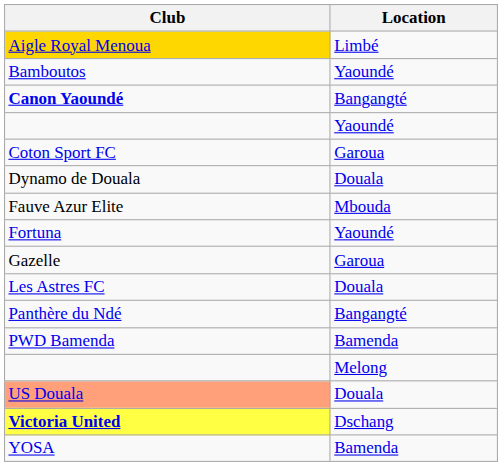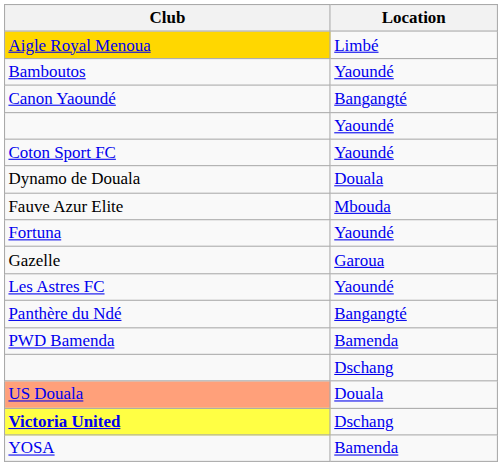 <table class="wikitable sortable">
 <tr>
 <th width="300px" scope="col">Club</th>
 <th width="150px" scope="col">Location</th>
 </tr>
 <tr>
 <td style="background: gold;"><a href='#'>Aigle Royal Menoua</a></td>
 <td><a href='#'>Limbé</a></td>
 </tr>
 <tr>
 <td><a href='#'>Bamboutos</a></td>
 <td><a href='#'>Yaoundé</a></td>
 </tr>
 <tr>
-<td><strong><a href='#'>Canon Yaoundé</a></strong></td>
+<td><a href='#'>Canon Yaoundé</a></td>
 <td><a href='#'>Bangangté</a></td>
 </tr>
 <tr>
 <td></td>
 <td><a href='#'>Yaoundé</a></td>
 </tr>
 <tr>
 <td><a href='#'>Coton Sport FC</a></td>
-<td><a href='#'>Garoua</a></td>
+<td><a href='#'>Yaoundé</a></td>
 </tr>
 <tr>
 <td>Dynamo de Douala</td>
 <td><a href='#'>Douala</a></td>
 </tr>
 <tr>
 <td>Fauve Azur Elite</td>
 <td><a href='#'>Mbouda</a></td>
 </tr>
 <tr>
 <td><a href='#'>Fortuna</a></td>
 <td><a href='#'>Yaoundé</a></td>
 </tr>
 <tr>
 <td>Gazelle</td>
 <td><a href='#'>Garoua</a></td>
 </tr>
 <tr>
 <td><a href='#'>Les Astres FC</a></td>
-<td><a href='#'>Douala</a></td>
+<td><a href='#'>Yaoundé</a></td>
 </tr>
 <tr>
 <td><a href='#'>Panthère du Ndé</a></td>
 <td><a href='#'>Bangangté</a></td>
 </tr>
 <tr>
 <td><a href='#'>PWD Bamenda</a></td>
 <td><a href='#'>Bamenda</a></td>
 </tr>
 <tr>
 <td></td>
-<td><a href='#'>Melong</a></td>
+<td><a href='#'>Dschang</a></td>
 </tr>
 <tr>
 <td style="background: lightsalmon;"><a href='#'>US Douala</a></td>
 <td><a href='#'>Douala</a></td>
 </tr>
 <tr>
 <td bgcolor=#ffff44><strong><a href='#'>Victoria United</a></strong></td>
 <td><a href='#'>Dschang</a></td>
 </tr>
 <tr>
 <td><a href='#'>YOSA</a></td>
 <td><a href='#'>Bamenda</a></td>
 </tr>
 </table>
